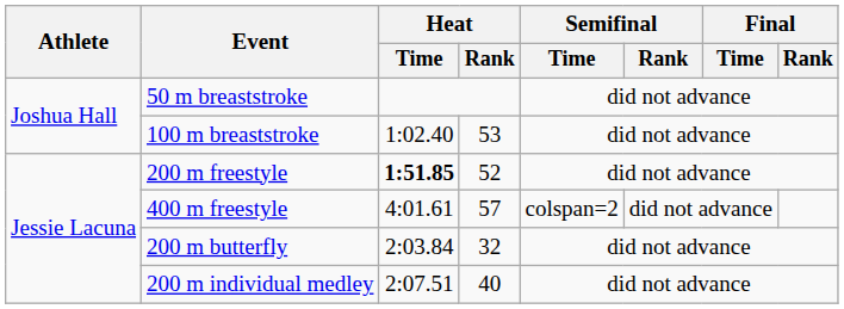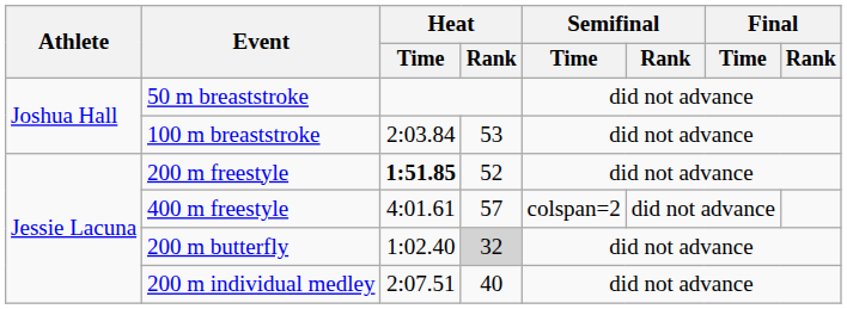 <table class=wikitable style="font-size:90%">
 <tr>
 <th rowspan="2">Athlete</th>
 <th rowspan="2">Event</th>
 <th colspan="2">Heat</th>
 <th colspan="2">Semifinal</th>
 <th colspan="2">Final</th>
 </tr>
 <tr style="font-size:95%">
 <th>Time</th>
 <th>Rank</th>
 <th>Time</th>
 <th>Rank</th>
 <th>Time</th>
 <th>Rank</th>
 </tr>
 <tr align=center>
 <td align=left rowspan=2><a href='#'>Joshua Hall</a></td>
 <td align=left><a href='#'>50 m breaststroke</a></td>
 <td colspan=2></td>
 <td colspan=4>did not advance</td>
 </tr>
 <tr align=center>
 <td align=left><a href='#'>100 m breaststroke</a></td>
-<td>1:02.40</td>
+<td>2:03.84</td>
 <td>53</td>
 <td colspan=4>did not advance</td>
 </tr>
 <tr align=center>
 <td align=left rowspan=4><a href='#'>Jessie Lacuna</a></td>
 <td align=left><a href='#'>200 m freestyle</a></td>
 <td><strong>1:51.85</strong></td>
 <td>52</td>
 <td colspan=4>did not advance</td>
 </tr>
 <tr align=center>
 <td align=left><a href='#'>400 m freestyle</a></td>
 <td>4:01.61</td>
 <td>57</td>
 <td>colspan=2 </td>
 <td colspan=2>did not advance</td>
 </tr>
 <tr align=center>
 <td align=left><a href='#'>200 m butterfly</a></td>
-<td>2:03.84</td>
-<td>32</td>
+<td>1:02.40</td>
+<td style="background: lightgrey;">32</td>
 <td colspan=4>did not advance</td>
 </tr>
 <tr align=center>
 <td align=left><a href='#'>200 m individual medley</a></td>
 <td>2:07.51</td>
 <td>40</td>
 <td colspan=4>did not advance</td>
 </tr>
 </table>
